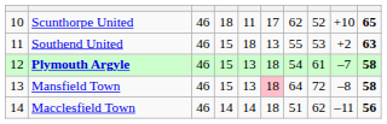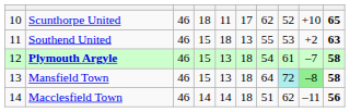 <table class="wikitable" style="text-align: center;">
 <tr>
 <th width=20></th>
 <th width=185></th>
 <th width=20></th>
 <th width=20></th>
 <th width=20></th>
 <th width=20></th>
 <th width=20></th>
 <th width=20></th>
 <th width=20></th>
 <th width=20></th>
 </tr>
 <tr>
 <td>10</td>
 <td align=left><a href='#'>Scunthorpe United</a></td>
 <td>46</td>
 <td>18</td>
 <td>11</td>
 <td>17</td>
 <td>62</td>
 <td>52</td>
 <td>+10</td>
 <td><strong>65</strong></td>
 </tr>
 <tr>
 <td>11</td>
 <td align=left><a href='#'>Southend United</a></td>
 <td>46</td>
 <td>15</td>
 <td>18</td>
 <td>13</td>
 <td>55</td>
 <td>53</td>
 <td>+2</td>
 <td><strong>63</strong></td>
 </tr>
 <tr bgcolor=#CCFFCC>
 <td>12</td>
 <td align=left><strong><a href='#'>Plymouth Argyle</a></strong></td>
 <td>46</td>
 <td>15</td>
 <td>13</td>
 <td>18</td>
 <td>54</td>
 <td>61</td>
 <td>–7</td>
 <td><strong>58</strong></td>
 </tr>
 <tr>
 <td>13</td>
 <td align=left><a href='#'>Mansfield Town</a></td>
 <td>46</td>
 <td>15</td>
 <td>13</td>
-<td style="background: pink;">18</td>
+<td>18</td>
 <td>64</td>
-<td>72</td>
-<td>–8</td>
+<td style="background: paleturquoise;">72</td>
+<td style="background: lightgreen;">–8</td>
 <td><strong>58</strong></td>
 </tr>
 <tr>
 <td>14</td>
 <td align=left><a href='#'>Macclesfield Town</a></td>
 <td>46</td>
 <td>14</td>
 <td>14</td>
 <td>18</td>
 <td>51</td>
 <td>62</td>
 <td>–11</td>
 <td><strong>56</strong></td>
 </tr>
 </table>
